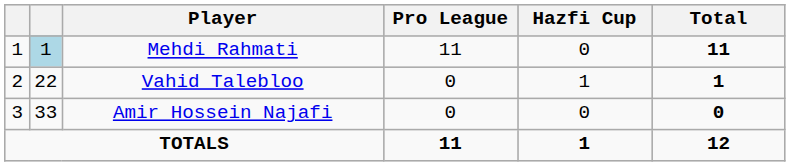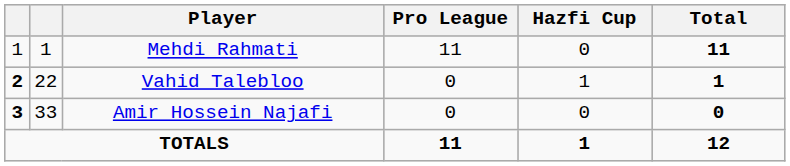 <table class="wikitable sortable" style="font-size: 95%; text-align: center;">
 <tr>
 <th width=10></th>
 <th width=10></th>
 <th width=200>Player</th>
 <th width=80>Pro League</th>
 <th width=80>Hazfi Cup</th>
 <th width=80>Total</th>
 </tr>
 <tr>
 <td>1</td>
-<td style="background: lightblue;">1</td>
+<td>1</td>
 <td> <a href='#'>Mehdi Rahmati</a></td>
 <td>11</td>
 <td>0</td>
 <td><strong>11</strong></td>
 </tr>
 <tr>
-<td>2</td>
+<td><strong>2</strong></td>
 <td>22</td>
 <td> <a href='#'>Vahid Talebloo</a></td>
 <td>0</td>
 <td>1</td>
 <td><strong>1</strong></td>
 </tr>
 <tr>
-<td>3</td>
+<td><strong>3</strong></td>
 <td>33</td>
 <td> <a href='#'>Amir Hossein Najafi</a></td>
 <td>0</td>
 <td>0</td>
 <td><strong>0</strong></td>
 </tr>
 <tr>
 <td colspan="3"><strong>TOTALS</strong></td>
 <td><strong>11</strong></td>
 <td><strong>1</strong></td>
 <td><strong>12</strong></td>
 </tr>
 </table>
